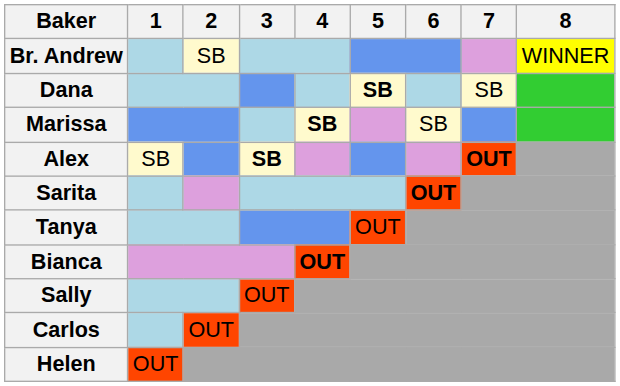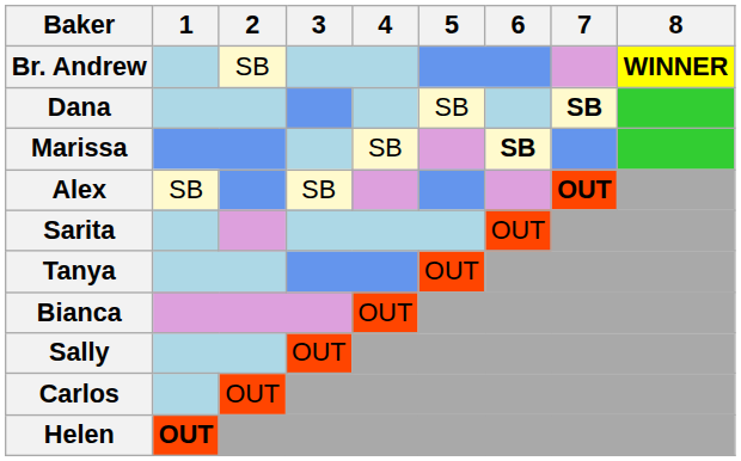 <table class="wikitable" style="text-align:center">
 <tr>
 <th scope="col">Baker</th>
 <th scope="col">1</th>
 <th scope="col">2</th>
 <th scope="col">3</th>
 <th scope="col">4</th>
 <th scope="col">5</th>
 <th scope="col">6</th>
 <th scope="col">7</th>
 <th scope="col">8</th>
 </tr>
 <tr>
 <th scope="row">Br. Andrew</th>
 <td style="background:Lightblue;"></td>
 <td style="background:LemonChiffon;">SB</td>
 <td colspan="2" style="background:Lightblue;"></td>
 <td colspan="2" style="background:Cornflowerblue;"></td>
 <td style="background:Plum;"></td>
-<td style="background:Yellow;">WINNER</td>
+<td style="background:Yellow;"><strong>WINNER</strong></td>
 </tr>
 <tr>
 <th scope="row">Dana</th>
 <td colspan="2" style="background:Lightblue;"></td>
 <td colspan="1" style="background:Cornflowerblue;"></td>
 <td colspan="1" style="background:Lightblue;"></td>
+<td style="background:LemonChiffon;">SB</td>
+<td colspan="1" style="background:Lightblue;"></td>
 <td style="background:LemonChiffon;"><strong>SB</strong></td>
-<td colspan="1" style="background:Lightblue;"></td>
-<td style="background:LemonChiffon;">SB</td>
 <td style="background:limegreen;"></td>
 </tr>
 <tr>
 <th scope="row">Marissa</th>
 <td colspan="2" style="background:Cornflowerblue;"></td>
 <td style="background:Lightblue;"></td>
+<td style="background:LemonChiffon;">SB</td>
+<td style="background:Plum;"></td>
 <td style="background:LemonChiffon;"><strong>SB</strong></td>
-<td style="background:Plum;"></td>
-<td style="background:LemonChiffon;">SB</td>
 <td colspan="1" style="background:Cornflowerblue;"></td>
 <td style="background:limegreen;"></td>
 </tr>
 <tr>
 <th scope="row">Alex</th>
 <td style="background:LemonChiffon;">SB</td>
 <td style="background:Cornflowerblue;"></td>
-<td style="background:LemonChiffon;"><strong>SB</strong></td>
+<td style="background:LemonChiffon;">SB</td>
 <td style="background:Plum;"></td>
 <td style="background:Cornflowerblue;"></td>
 <td style="background:Plum;"></td>
 <td style="background:orangered;"><strong>OUT</strong></td>
 <td colspan="1" style="background:darkgrey;"></td>
 </tr>
 <tr>
 <th scope="row">Sarita</th>
 <td style="background:Lightblue;"></td>
 <td style="background:Plum;"></td>
 <td colspan="3" style="background:Lightblue;"></td>
-<td style="background:orangered;"><strong>OUT</strong></td>
+<td style="background:orangered;">OUT</td>
 <td colspan="6" style="background:darkgrey;"></td>
 </tr>
 <tr>
 <th scope="row">Tanya</th>
 <td colspan="2" style="background:Lightblue;"></td>
 <td colspan="2" style="background:Cornflowerblue;"></td>
 <td style="background:orangered;">OUT</td>
 <td colspan="6" style="background:darkgrey;"></td>
 </tr>
 <tr>
 <th scope="row">Bianca</th>
 <td colspan="3" style="background:Plum;"></td>
-<td style="background:orangered;"><strong>OUT</strong></td>
+<td style="background:orangered;">OUT</td>
 <td colspan="4" style="background:darkgrey;"></td>
 </tr>
 <tr>
 <th scope="row">Sally</th>
 <td colspan="2" style="background:Lightblue;"></td>
 <td style="background:orangered;">OUT</td>
 <td colspan="5" style="background:darkgrey;"></td>
 </tr>
 <tr>
 <th scope="row">Carlos</th>
 <td style="background:Lightblue;"></td>
 <td style="background:orangered;">OUT</td>
 <td colspan="6" style="background:darkgrey;"></td>
 </tr>
 <tr>
 <th scope="row">Helen</th>
-<td style="background:orangered;">OUT</td>
+<td style="background:orangered;"><strong>OUT</strong></td>
 <td colspan="7" style="background:darkgrey;"></td>
 </tr>
 </table>
